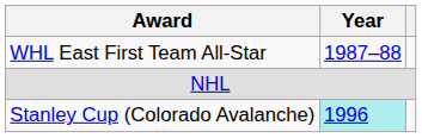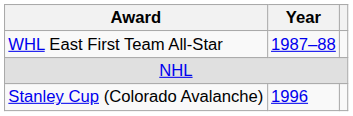 <table class="wikitable">
 <tr>
 <th>Award</th>
 <th>Year</th>
 <th></th>
 </tr>
 <tr>
 <td><a href='#'>WHL</a> East First Team All-Star</td>
 <td><a href='#'>1987–88</a></td>
 <td></td>
 </tr>
 <tr ALIGN="center" bgcolor="#e0e0e0">
 <td colspan="3"><a href='#'>NHL</a></td>
 </tr>
 <tr>
 <td><a href='#'>Stanley Cup</a> (Colorado Avalanche)</td>
-<td style="background: paleturquoise;"><a href='#'>1996</a></td>
+<td><a href='#'>1996</a></td>
 <td></td>
 </tr>
 </table>
